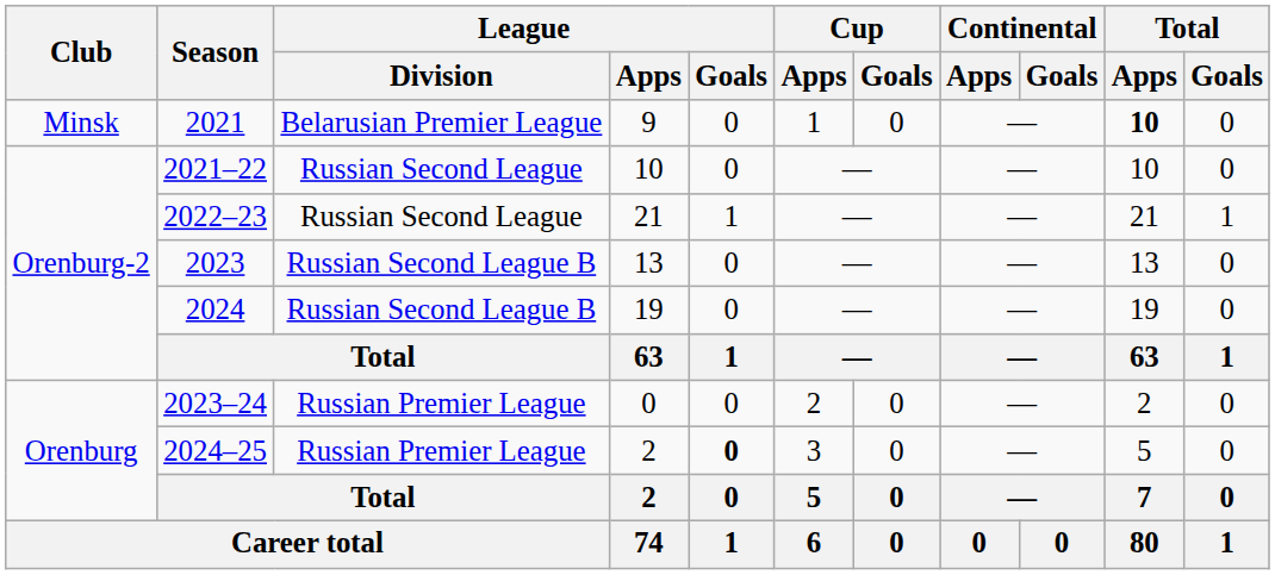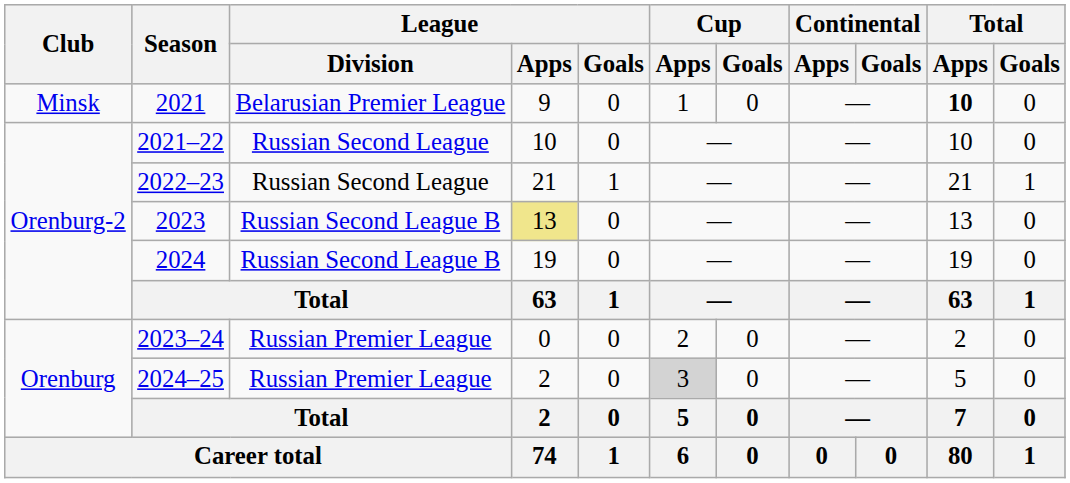 <table class="wikitable" style="text-align: center;">
 <tr>
 <th rowspan="2">Club</th>
 <th rowspan="2">Season</th>
 <th colspan="3">League</th>
 <th colspan="2">Cup</th>
 <th colspan="2">Continental</th>
 <th colspan="2">Total</th>
 </tr>
 <tr>
 <th>Division</th>
 <th>Apps</th>
 <th>Goals</th>
 <th>Apps</th>
 <th>Goals</th>
 <th>Apps</th>
 <th>Goals</th>
 <th>Apps</th>
 <th>Goals</th>
 </tr>
 <tr>
 <td><a href='#'>Minsk</a></td>
 <td><a href='#'>2021</a></td>
 <td><a href='#'>Belarusian Premier League</a></td>
 <td>9</td>
 <td>0</td>
 <td>1</td>
 <td>0</td>
 <td colspan="2">—</td>
 <td><strong>10</strong></td>
 <td>0</td>
 </tr>
 <tr>
 <td rowspan="5"><a href='#'>Orenburg-2</a></td>
 <td><a href='#'>2021–22</a></td>
 <td><a href='#'>Russian Second League</a></td>
 <td>10</td>
 <td>0</td>
 <td colspan="2">—</td>
 <td colspan="2">—</td>
 <td>10</td>
 <td>0</td>
 </tr>
 <tr>
 <td><a href='#'>2022–23</a></td>
 <td>Russian Second League</td>
 <td>21</td>
 <td>1</td>
 <td colspan="2">—</td>
 <td colspan="2">—</td>
 <td>21</td>
 <td>1</td>
 </tr>
 <tr>
 <td><a href='#'>2023</a></td>
 <td><a href='#'>Russian Second League B</a></td>
-<td>13</td>
+<td style="background: khaki;">13</td>
 <td>0</td>
 <td colspan="2">—</td>
 <td colspan="2">—</td>
 <td>13</td>
 <td>0</td>
 </tr>
 <tr>
 <td><a href='#'>2024</a></td>
 <td><a href='#'>Russian Second League B</a></td>
 <td>19</td>
 <td>0</td>
 <td colspan="2">—</td>
 <td colspan="2">—</td>
 <td>19</td>
 <td>0</td>
 </tr>
 <tr>
 <th colspan=2>Total</th>
 <th>63</th>
 <th>1</th>
 <th colspan="2">—</th>
 <th colspan="2">—</th>
 <th>63</th>
 <th>1</th>
 </tr>
 <tr>
 <td rowspan="3"><a href='#'>Orenburg</a></td>
 <td><a href='#'>2023–24</a></td>
 <td><a href='#'>Russian Premier League</a></td>
 <td>0</td>
 <td>0</td>
 <td>2</td>
 <td>0</td>
 <td colspan="2">—</td>
 <td>2</td>
 <td>0</td>
 </tr>
 <tr>
 <td><a href='#'>2024–25</a></td>
 <td><a href='#'>Russian Premier League</a></td>
 <td>2</td>
-<td><strong>0</strong></td>
-<td>3</td>
+<td>0</td>
+<td style="background: lightgrey;">3</td>
 <td>0</td>
 <td colspan="2">—</td>
 <td>5</td>
 <td>0</td>
 </tr>
 <tr>
 <th colspan="2">Total</th>
 <th>2</th>
 <th>0</th>
 <th>5</th>
 <th>0</th>
 <th colspan="2">—</th>
 <th>7</th>
 <th>0</th>
 </tr>
 <tr>
 <th colspan="3">Career total</th>
 <th>74</th>
 <th>1</th>
 <th>6</th>
 <th>0</th>
 <th>0</th>
 <th>0</th>
 <th>80</th>
 <th>1</th>
 </tr>
 </table>
